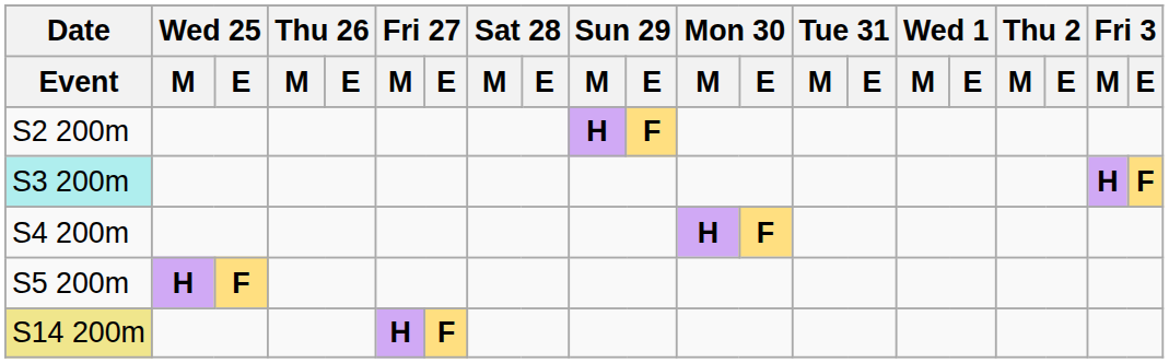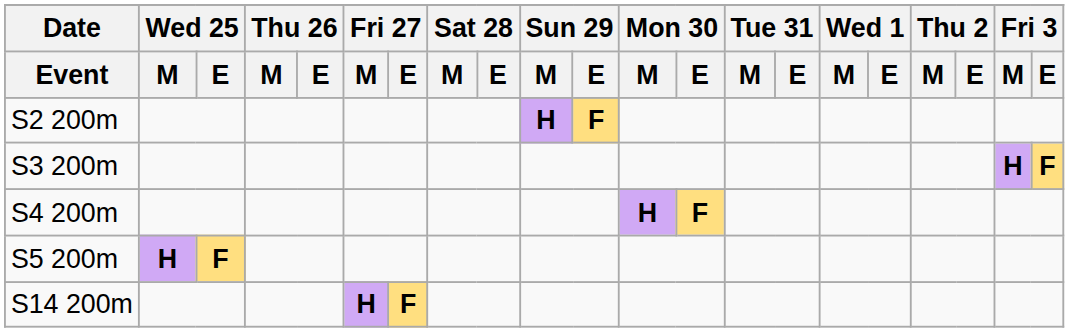 <table class="wikitable" style="margin:0.5em auto; font-size:90%; line-height:1.25em;">
 <tr align="center">
 </tr>
 <tr>
 <th>Date</th>
 <th colspan="2">Wed 25</th>
 <th colspan="2">Thu 26</th>
 <th colspan="2">Fri 27</th>
 <th colspan="2">Sat 28</th>
 <th colspan="2">Sun 29</th>
 <th colspan="2">Mon 30</th>
 <th colspan="2">Tue 31</th>
 <th colspan="2">Wed 1</th>
 <th colspan="2">Thu 2</th>
 <th colspan="2">Fri 3</th>
 </tr>
 <tr>
 <th>Event</th>
 <th>M</th>
 <th>E</th>
 <th>M</th>
 <th>E</th>
 <th>M</th>
 <th>E</th>
 <th>M</th>
 <th>E</th>
 <th>M</th>
 <th>E</th>
 <th>M</th>
 <th>E</th>
 <th>M</th>
 <th>E</th>
 <th>M</th>
 <th>E</th>
 <th>M</th>
 <th>E</th>
 <th>M</th>
 <th>E</th>
 </tr>
 <tr align="center">
 <td align="left">S2 200m</td>
 <td colspan="2"></td>
 <td colspan="2"></td>
 <td colspan="2"></td>
 <td colspan="2"></td>
 <td bgcolor="#D0A9F5"><strong>H</strong></td>
 <td bgcolor="#FFDF80"><strong>F</strong></td>
 <td colspan="2"></td>
 <td colspan="2"></td>
 <td colspan="2"></td>
 <td colspan="2"></td>
 <td colspan="2"></td>
 </tr>
 <tr align="center">
-<td align="left" style="background: paleturquoise;">S3 200m</td>
+<td align="left">S3 200m</td>
 <td colspan="2"></td>
 <td colspan="2"></td>
 <td colspan="2"></td>
 <td colspan="2"></td>
 <td colspan="2"></td>
 <td colspan="2"></td>
 <td colspan="2"></td>
 <td colspan="2"></td>
 <td colspan="2"></td>
 <td bgcolor="#D0A9F5"><strong>H</strong></td>
 <td bgcolor="#FFDF80"><strong>F</strong></td>
 </tr>
 <tr align="center">
 <td align="left">S4 200m</td>
 <td colspan="2"></td>
 <td colspan="2"></td>
 <td colspan="2"></td>
 <td colspan="2"></td>
 <td colspan="2"></td>
 <td bgcolor="#D0A9F5"><strong>H</strong></td>
 <td bgcolor="#FFDF80"><strong>F</strong></td>
 <td colspan="2"></td>
 <td colspan="2"></td>
 <td colspan="2"></td>
 <td colspan="2"></td>
 </tr>
 <tr align="center">
 <td align="left">S5 200m</td>
 <td bgcolor="#D0A9F5"><strong>H</strong></td>
 <td bgcolor="#FFDF80"><strong>F</strong></td>
 <td colspan="2"></td>
 <td colspan="2"></td>
 <td colspan="2"></td>
 <td colspan="2"></td>
 <td colspan="2"></td>
 <td colspan="2"></td>
 <td colspan="2"></td>
 <td colspan="2"></td>
 <td colspan="2"></td>
 </tr>
 <tr align="center">
-<td align="left" style="background: khaki;">S14 200m</td>
+<td align="left">S14 200m</td>
 <td colspan="2"></td>
 <td colspan="2"></td>
 <td bgcolor="#D0A9F5"><strong>H</strong></td>
 <td bgcolor="#FFDF80"><strong>F</strong></td>
 <td colspan="2"></td>
 <td colspan="2"></td>
 <td colspan="2"></td>
 <td colspan="2"></td>
 <td colspan="2"></td>
 <td colspan="2"></td>
 <td colspan="2"></td>
 </tr>
 </table>
